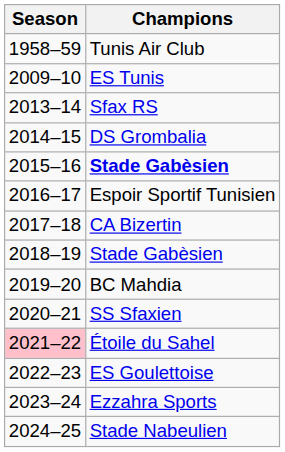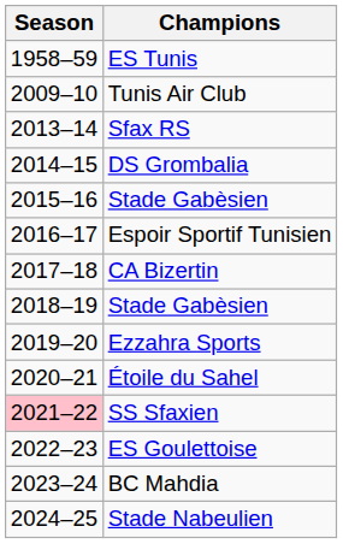 <table class="wikitable">
 <tr>
 <th>Season</th>
 <th>Champions</th>
 </tr>
 <tr>
 <td>1958–59</td>
-<td>Tunis Air Club</td>
+<td><a href='#'>ES Tunis</a></td>
 </tr>
 <tr>
 <td>2009–10</td>
-<td><a href='#'>ES Tunis</a></td>
+<td>Tunis Air Club</td>
 </tr>
 <tr>
 <td>2013–14</td>
 <td><a href='#'>Sfax RS</a></td>
 </tr>
 <tr>
 <td>2014–15</td>
 <td><a href='#'>DS Grombalia</a></td>
 </tr>
 <tr>
 <td>2015–16</td>
-<td><strong><a href='#'>Stade Gabèsien</a></strong></td>
+<td><a href='#'>Stade Gabèsien</a></td>
 </tr>
 <tr>
 <td>2016–17</td>
 <td>Espoir Sportif Tunisien</td>
 </tr>
 <tr>
 <td>2017–18</td>
 <td><a href='#'>CA Bizertin</a></td>
 </tr>
 <tr>
 <td>2018–19</td>
 <td><a href='#'>Stade Gabèsien</a></td>
 </tr>
 <tr>
 <td>2019–20</td>
-<td>BC Mahdia</td>
+<td><a href='#'>Ezzahra Sports</a></td>
 </tr>
 <tr>
 <td>2020–21</td>
-<td><a href='#'>SS Sfaxien</a></td>
+<td><a href='#'>Étoile du Sahel</a></td>
 </tr>
 <tr>
 <td style="background: pink;">2021–22</td>
-<td><a href='#'>Étoile du Sahel</a></td>
+<td><a href='#'>SS Sfaxien</a></td>
 </tr>
 <tr>
 <td>2022–23</td>
 <td><a href='#'>ES Goulettoise</a></td>
 </tr>
 <tr>
 <td>2023–24</td>
-<td><a href='#'>Ezzahra Sports</a></td>
+<td>BC Mahdia</td>
 </tr>
 <tr>
 <td>2024–25</td>
 <td><a href='#'>Stade Nabeulien</a></td>
 </tr>
 </table>
